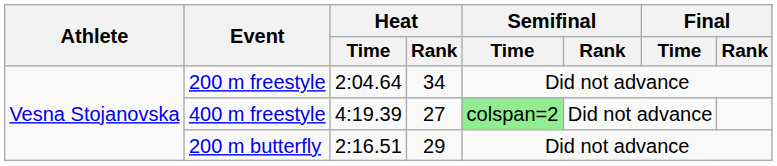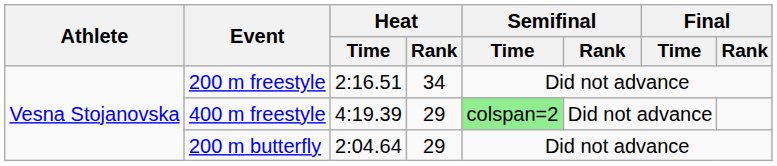 <table class=wikitable style="font-size:90%">
 <tr>
 <th rowspan="2">Athlete</th>
 <th rowspan="2">Event</th>
 <th colspan="2">Heat</th>
 <th colspan="2">Semifinal</th>
 <th colspan="2">Final</th>
 </tr>
 <tr style="font-size:95%">
 <th>Time</th>
 <th>Rank</th>
 <th>Time</th>
 <th>Rank</th>
 <th>Time</th>
 <th>Rank</th>
 </tr>
 <tr align=center>
 <td align=left rowspan=3><a href='#'>Vesna Stojanovska</a></td>
 <td align=left><a href='#'>200 m freestyle</a></td>
-<td>2:04.64</td>
+<td>2:16.51</td>
 <td>34</td>
 <td colspan=4>Did not advance</td>
 </tr>
 <tr align=center>
 <td align=left><a href='#'>400 m freestyle</a></td>
 <td>4:19.39</td>
-<td>27</td>
+<td>29</td>
 <td style="background: lightgreen;">colspan=2 </td>
 <td colspan=2>Did not advance</td>
 </tr>
 <tr align=center>
 <td align=left><a href='#'>200 m butterfly</a></td>
-<td>2:16.51</td>
+<td>2:04.64</td>
 <td>29</td>
 <td colspan=4>Did not advance</td>
 </tr>
 </table>
